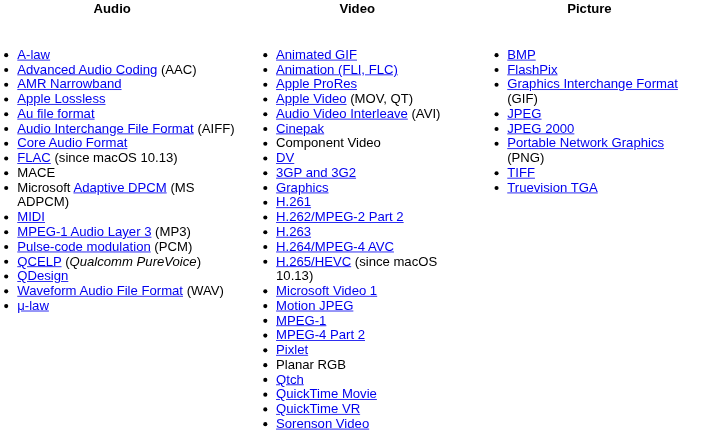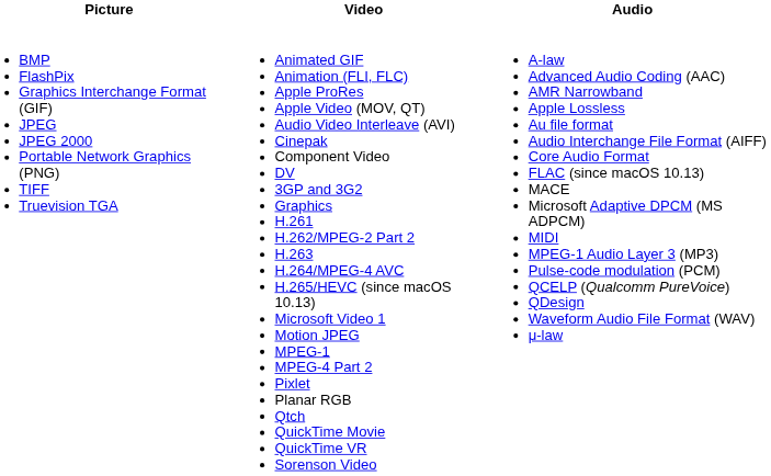 <table>
 <tr>
+<th>Picture</th>
+<th>Video</th>
 <th>Audio</th>
-<th>Video</th>
-<th>Picture</th>
 </tr>
 <tr>
+<td style="vertical-align:top;"><br><ul><li><a href='#'>BMP</a></li><li><a href='#'>FlashPix</a></li><li><a href='#'>Graphics Interchange Format</a> (GIF)</li><li><a href='#'>JPEG</a></li><li><a href='#'>JPEG 2000</a></li><li><a href='#'>Portable Network Graphics</a> (PNG)</li><li><a href='#'>TIFF</a></li><li><a href='#'>Truevision TGA</a></li></ul></td>
+<td style="vertical-align:top;"><br><ul><li><a href='#'>Animated GIF</a></li><li><a href='#'>Animation (FLI, FLC)</a></li><li><a href='#'>Apple ProRes</a></li><li><a href='#'>Apple Video</a> (MOV, QT)</li><li><a href='#'>Audio Video Interleave</a> (AVI)</li><li><a href='#'>Cinepak</a></li><li>Component Video</li><li><a href='#'>DV</a></li><li><a href='#'>3GP and 3G2</a></li><li><a href='#'>Graphics</a></li><li><a href='#'>H.261</a></li><li><a href='#'>H.262/MPEG-2 Part 2</a></li><li><a href='#'>H.263</a></li><li><a href='#'>H.264/MPEG-4 AVC</a></li><li><a href='#'>H.265/HEVC</a> (since macOS 10.13)</li><li><a href='#'>Microsoft Video 1</a></li><li><a href='#'>Motion JPEG</a></li><li><a href='#'>MPEG-1</a></li><li><a href='#'>MPEG-4 Part 2</a></li><li><a href='#'>Pixlet</a></li><li>Planar RGB</li><li><a href='#'>Qtch</a></li><li><a href='#'>QuickTime Movie</a></li><li><a href='#'>QuickTime VR</a></li><li><a href='#'>Sorenson Video</a></li></ul></td>
 <td style="vertical-align:top;"><br><ul><li><a href='#'>A-law</a></li><li><a href='#'>Advanced Audio Coding</a> (AAC)</li><li><a href='#'>AMR Narrowband</a></li><li><a href='#'>Apple Lossless</a></li><li><a href='#'>Au file format</a></li><li><a href='#'>Audio Interchange File Format</a> (AIFF)</li><li><a href='#'>Core Audio Format</a></li><li><a href='#'>FLAC</a> (since macOS 10.13)</li><li>MACE</li><li>Microsoft <a href='#'>Adaptive DPCM</a> (MS ADPCM)</li><li><a href='#'>MIDI</a></li><li><a href='#'>MPEG-1 Audio Layer 3</a> (MP3)</li><li><a href='#'>Pulse-code modulation</a> (PCM)</li><li><a href='#'>QCELP</a> (<em>Qualcomm PureVoice</em>)</li><li><a href='#'>QDesign</a></li><li><a href='#'>Waveform Audio File Format</a> (WAV)</li><li><a href='#'>μ-law</a></li></ul></td>
-<td style="vertical-align:top;"><br><ul><li><a href='#'>Animated GIF</a></li><li><a href='#'>Animation (FLI, FLC)</a></li><li><a href='#'>Apple ProRes</a></li><li><a href='#'>Apple Video</a> (MOV, QT)</li><li><a href='#'>Audio Video Interleave</a> (AVI)</li><li><a href='#'>Cinepak</a></li><li>Component Video</li><li><a href='#'>DV</a></li><li><a href='#'>3GP and 3G2</a></li><li><a href='#'>Graphics</a></li><li><a href='#'>H.261</a></li><li><a href='#'>H.262/MPEG-2 Part 2</a></li><li><a href='#'>H.263</a></li><li><a href='#'>H.264/MPEG-4 AVC</a></li><li><a href='#'>H.265/HEVC</a> (since macOS 10.13)</li><li><a href='#'>Microsoft Video 1</a></li><li><a href='#'>Motion JPEG</a></li><li><a href='#'>MPEG-1</a></li><li><a href='#'>MPEG-4 Part 2</a></li><li><a href='#'>Pixlet</a></li><li>Planar RGB</li><li><a href='#'>Qtch</a></li><li><a href='#'>QuickTime Movie</a></li><li><a href='#'>QuickTime VR</a></li><li><a href='#'>Sorenson Video</a></li></ul></td>
-<td style="vertical-align:top;"><br><ul><li><a href='#'>BMP</a></li><li><a href='#'>FlashPix</a></li><li><a href='#'>Graphics Interchange Format</a> (GIF)</li><li><a href='#'>JPEG</a></li><li><a href='#'>JPEG 2000</a></li><li><a href='#'>Portable Network Graphics</a> (PNG)</li><li><a href='#'>TIFF</a></li><li><a href='#'>Truevision TGA</a></li></ul></td>
 </tr>
 </table>
